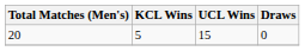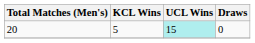 <table class="wikitable">
 <tr>
 <th>Total Matches (Men's)</th>
 <th>KCL Wins</th>
 <th>UCL Wins</th>
 <th>Draws</th>
 </tr>
 <tr>
 <td>20</td>
 <td>5</td>
-<td>15</td>
+<td style="background: paleturquoise;">15</td>
 <td>0</td>
 </tr>
 <tr>
 </tr>
 </table>
